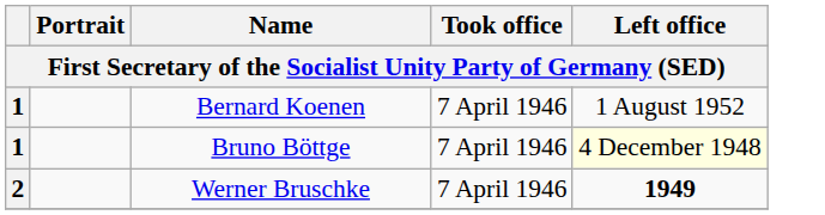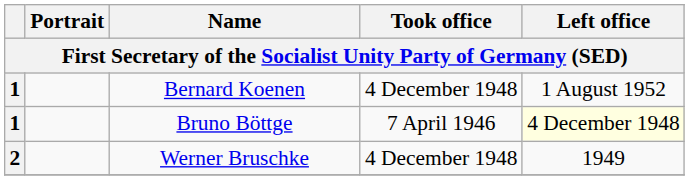 <table class="wikitable" style="text-align:center">
 <tr>
 <th></th>
 <th>Portrait</th>
 <th width=180>Name<br></th>
 <th>Took office</th>
 <th>Left office</th>
 </tr>
 <tr>
 <th colspan=5>First Secretary of the <a href='#'>Socialist Unity Party of Germany</a> (SED)</th>
 </tr>
 <tr>
 <th style="background:">1</th>
 <td></td>
 <td><a href='#'>Bernard Koenen</a><br></td>
-<td>7 April 1946</td>
+<td>4 December 1948</td>
 <td>1 August 1952</td>
 </tr>
 <tr>
 <th style="background:">1</th>
 <td></td>
 <td><a href='#'>Bruno Böttge</a><br></td>
 <td>7 April 1946</td>
 <td style="background: lightyellow;">4 December 1948</td>
 </tr>
 <tr>
 <th style="background:">2</th>
 <td></td>
 <td><a href='#'>Werner Bruschke</a><br></td>
-<td>7 April 1946</td>
-<td><strong>1949</strong></td>
+<td>4 December 1948</td>
+<td>1949</td>
 </tr>
 <tr>
 </tr>
 </table>
